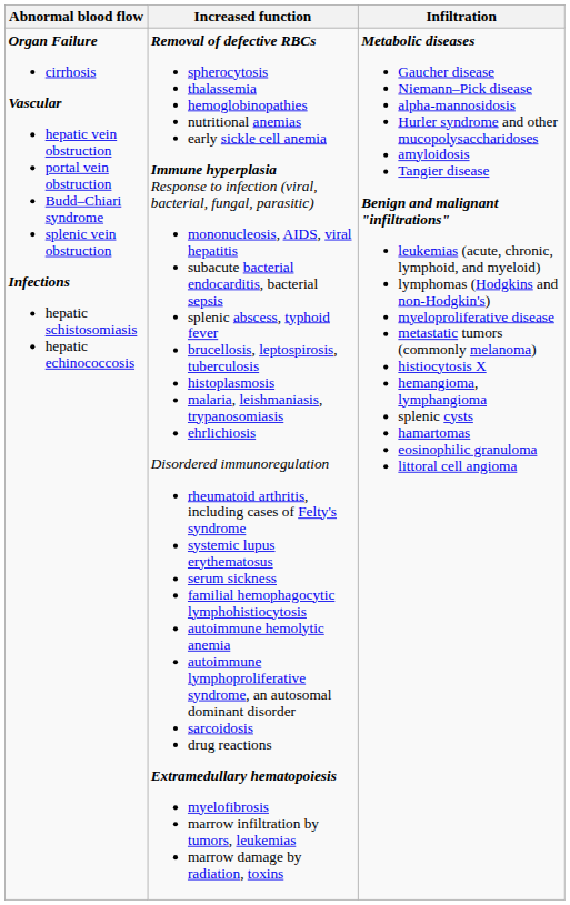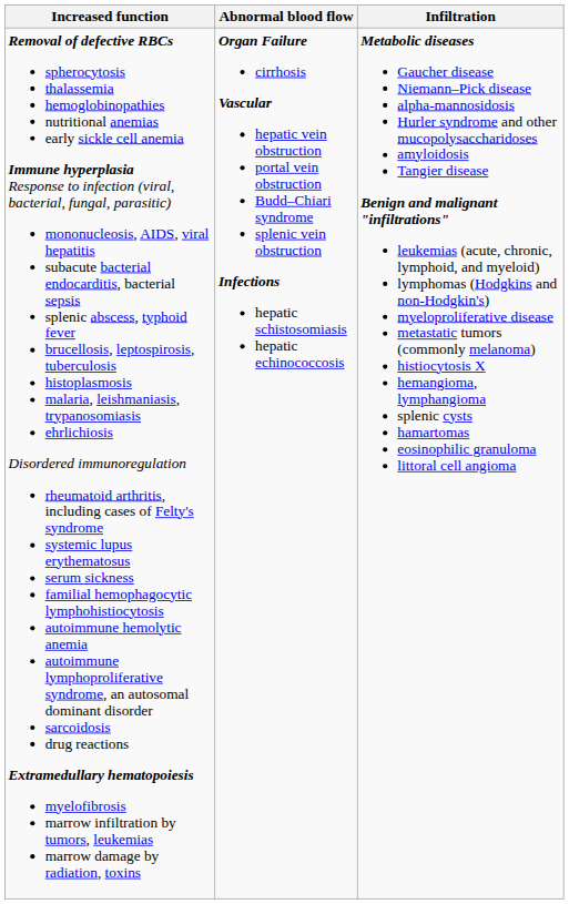 <table class="wikitable">
 <tr>
+<th>Increased function</th>
 <th>Abnormal blood flow</th>
-<th>Increased function</th>
 <th>Infiltration</th>
 </tr>
 <tr valign="top">
+<td><strong><em>Removal of defective RBCs</em></strong><br><ul><li><a href='#'>spherocytosis</a></li><li><a href='#'>thalassemia</a></li><li><a href='#'>hemoglobinopathies</a></li><li>nutritional <a href='#'>anemias</a></li><li>early <a href='#'>sickle cell anemia</a></li></ul><strong><em>Immune hyperplasia</em></strong><br><em>Response to infection (viral, bacterial, fungal, parasitic)</em><ul><li><a href='#'>mononucleosis</a>, <a href='#'>AIDS</a>, <a href='#'>viral hepatitis</a></li><li>subacute <a href='#'>bacterial endocarditis</a>, bacterial <a href='#'>sepsis</a></li><li>splenic <a href='#'>abscess</a>, <a href='#'>typhoid fever</a></li><li><a href='#'>brucellosis</a>, <a href='#'>leptospirosis</a>, <a href='#'>tuberculosis</a></li><li><a href='#'>histoplasmosis</a></li><li><a href='#'>malaria</a>, <a href='#'>leishmaniasis</a>, <a href='#'>trypanosomiasis</a></li><li><a href='#'>ehrlichiosis</a></li></ul><em>Disordered immunoregulation</em><ul><li><a href='#'>rheumatoid arthritis</a>, including cases of <a href='#'>Felty's syndrome</a></li><li><a href='#'>systemic lupus erythematosus</a></li><li><a href='#'>serum sickness</a></li><li><a href='#'>familial hemophagocytic lymphohistiocytosis</a></li><li><a href='#'>autoimmune hemolytic anemia</a></li><li><a href='#'>autoimmune lymphoproliferative syndrome</a>, an autosomal dominant disorder</li><li><a href='#'>sarcoidosis</a></li><li>drug reactions</li></ul><strong><em>Extramedullary hematopoiesis</em></strong><ul><li><a href='#'>myelofibrosis</a></li><li>marrow infiltration by <a href='#'>tumors</a>, <a href='#'>leukemias</a></li><li>marrow damage by <a href='#'>radiation</a>, <a href='#'>toxins</a></li></ul></td>
 <td><strong><em>Organ Failure</em></strong><br><ul><li><a href='#'>cirrhosis</a></li></ul><strong><em>Vascular</em></strong><ul><li><a href='#'>hepatic vein obstruction</a></li><li><a href='#'>portal vein obstruction</a></li><li><a href='#'>Budd–Chiari syndrome</a></li><li><a href='#'>splenic vein obstruction</a></li></ul><strong><em>Infections</em></strong><ul><li>hepatic <a href='#'>schistosomiasis</a></li><li>hepatic <a href='#'>echinococcosis</a></li></ul></td>
-<td><strong><em>Removal of defective RBCs</em></strong><br><ul><li><a href='#'>spherocytosis</a></li><li><a href='#'>thalassemia</a></li><li><a href='#'>hemoglobinopathies</a></li><li>nutritional <a href='#'>anemias</a></li><li>early <a href='#'>sickle cell anemia</a></li></ul><strong><em>Immune hyperplasia</em></strong><br><em>Response to infection (viral, bacterial, fungal, parasitic)</em><ul><li><a href='#'>mononucleosis</a>, <a href='#'>AIDS</a>, <a href='#'>viral hepatitis</a></li><li>subacute <a href='#'>bacterial endocarditis</a>, bacterial <a href='#'>sepsis</a></li><li>splenic <a href='#'>abscess</a>, <a href='#'>typhoid fever</a></li><li><a href='#'>brucellosis</a>, <a href='#'>leptospirosis</a>, <a href='#'>tuberculosis</a></li><li><a href='#'>histoplasmosis</a></li><li><a href='#'>malaria</a>, <a href='#'>leishmaniasis</a>, <a href='#'>trypanosomiasis</a></li><li><a href='#'>ehrlichiosis</a></li></ul><em>Disordered immunoregulation</em><ul><li><a href='#'>rheumatoid arthritis</a>, including cases of <a href='#'>Felty's syndrome</a></li><li><a href='#'>systemic lupus erythematosus</a></li><li><a href='#'>serum sickness</a></li><li><a href='#'>familial hemophagocytic lymphohistiocytosis</a></li><li><a href='#'>autoimmune hemolytic anemia</a></li><li><a href='#'>autoimmune lymphoproliferative syndrome</a>, an autosomal dominant disorder</li><li><a href='#'>sarcoidosis</a></li><li>drug reactions</li></ul><strong><em>Extramedullary hematopoiesis</em></strong><ul><li><a href='#'>myelofibrosis</a></li><li>marrow infiltration by <a href='#'>tumors</a>, <a href='#'>leukemias</a></li><li>marrow damage by <a href='#'>radiation</a>, <a href='#'>toxins</a></li></ul></td>
 <td><strong><em>Metabolic diseases</em></strong><br><ul><li><a href='#'>Gaucher disease</a></li><li><a href='#'>Niemann–Pick disease</a></li><li><a href='#'>alpha-mannosidosis</a></li><li><a href='#'>Hurler syndrome</a> and other <a href='#'>mucopolysaccharidoses</a></li><li><a href='#'>amyloidosis</a></li><li><a href='#'>Tangier disease</a></li></ul><strong><em>Benign and malignant "infiltrations"</em></strong><ul><li><a href='#'>leukemias</a> (acute, chronic, lymphoid, and myeloid)</li><li>lymphomas (<a href='#'>Hodgkins</a> and <a href='#'>non-Hodgkin's</a>)</li><li><a href='#'>myeloproliferative disease</a></li><li><a href='#'>metastatic</a> tumors (commonly <a href='#'>melanoma</a>)</li><li><a href='#'>histiocytosis X</a></li><li><a href='#'>hemangioma</a>, <a href='#'>lymphangioma</a></li><li>splenic <a href='#'>cysts</a></li><li><a href='#'>hamartomas</a></li><li><a href='#'>eosinophilic granuloma</a></li><li><a href='#'>littoral cell angioma</a></li></ul></td>
 </tr>
 </table>
